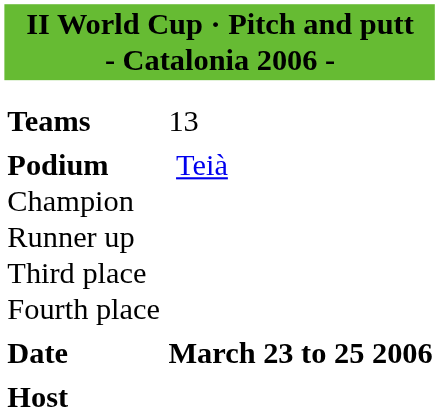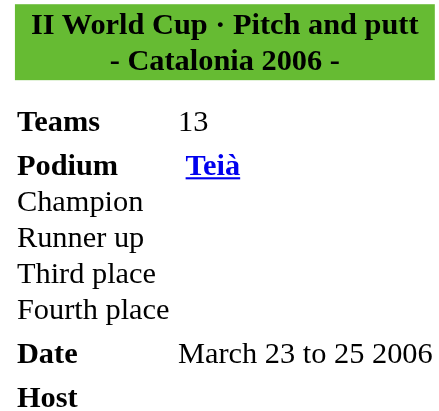 <table class="toccolours" style="float: right; margin: 0 0 1em 1em; font-size: 90%;">
 <tr>
 <td colspan="2" style="background: #66bb33; text-align: center;"><strong>II World Cup · Pitch and putt<br>- Catalonia 2006 -</strong></td>
 </tr>
 <tr>
 <td colspan="2" style="text-align: center;"></td>
 </tr>
 <tr style="vertical-align:top;">
 <td colspan=2></td>
 </tr>
 <tr style="vertical-align:top;">
 <td><strong>Teams</strong></td>
 <td>13</td>
 </tr>
 <tr style="vertical-align:top;">
 <td><strong>Podium</strong><br> Champion<br> Runner up<br> Third place<br>Fourth place</td>
-<td> <a href='#'>Teià</a></td>
+<td><strong> <a href='#'>Teià</a></strong></td>
 </tr>
 <tr style="vertical-align:top;">
 <td><strong>Date</strong></td>
-<td><strong>March 23 to 25 2006</strong></td>
+<td>March 23 to 25 2006</td>
 </tr>
 <tr style="vertical-align:top;">
 <td><strong>Host</strong></td>
 <td><br><br><br><br></td>
 </tr>
 </table>
